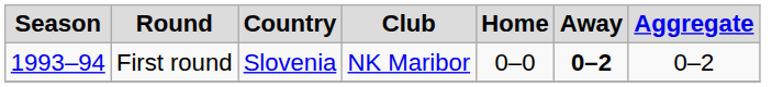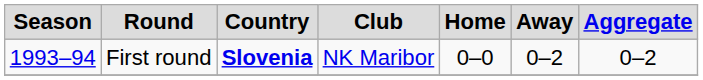 <table class="wikitable" style="text-align: center;">
 <tr>
 <th style="background:#DCDCDC">Season</th>
 <th style="background:#DCDCDC">Round</th>
 <th style="background:#DCDCDC">Country</th>
 <th style="background:#DCDCDC">Club</th>
 <th style="background:#DCDCDC">Home</th>
 <th style="background:#DCDCDC">Away</th>
 <th style="background:#DCDCDC"><a href='#'>Aggregate</a></th>
 </tr>
 <tr>
 <td align=left><a href='#'>1993–94</a></td>
 <td align=left>First round</td>
-<td align=left> <a href='#'>Slovenia</a></td>
+<td align=left><strong> <a href='#'>Slovenia</a></strong></td>
 <td align=left><a href='#'>NK Maribor</a></td>
 <td>0–0</td>
-<td><strong>0–2</strong></td>
+<td>0–2</td>
 <td>0–2</td>
 </tr>
 <tr>
 </tr>
 </table>
